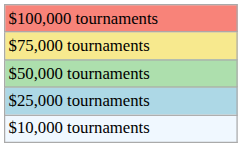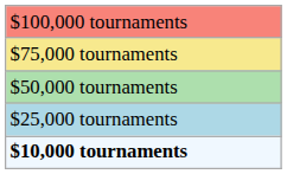 <table class="wikitable" style="font-size:85%;" width=12%>
 <tr style="background:#f88379;">
 <td>$100,000 tournaments</td>
 </tr>
 <tr style="background:#f7e98e;">
 <td>$75,000 tournaments</td>
 </tr>
 <tr style="background:#addfad;">
 <td>$50,000 tournaments</td>
 </tr>
 <tr style="background:lightblue;">
 <td>$25,000 tournaments</td>
 </tr>
 <tr style="background:#f0f8ff;">
-<td>$10,000 tournaments</td>
+<td><strong>$10,000 tournaments</strong></td>
 </tr>
 </table>
